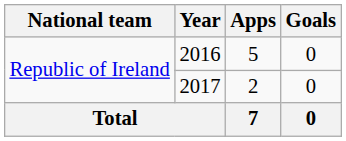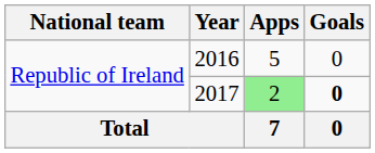 <table class="wikitable" style="text-align:center">
 <tr>
 <th>National team</th>
 <th>Year</th>
 <th>Apps</th>
 <th>Goals</th>
 </tr>
 <tr>
 <td rowspan="2"><a href='#'>Republic of Ireland</a></td>
 <td>2016</td>
 <td>5</td>
 <td>0</td>
 </tr>
 <tr>
 <td>2017</td>
-<td>2</td>
-<td>0</td>
+<td style="background: lightgreen;">2</td>
+<td><strong>0</strong></td>
 </tr>
 <tr>
 <th colspan="2">Total</th>
 <th>7</th>
 <th>0</th>
 </tr>
 </table>
